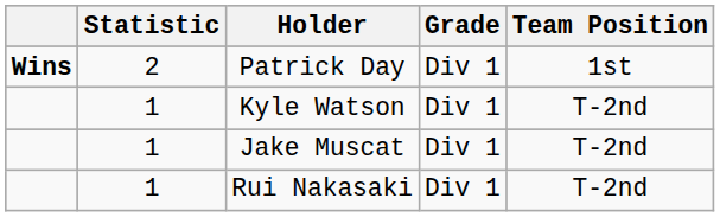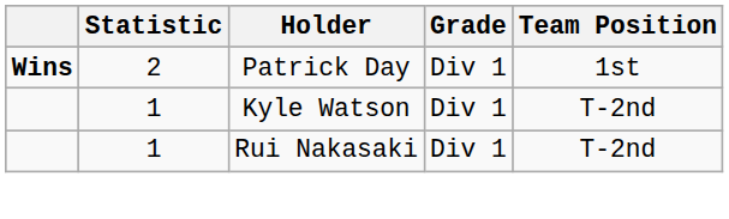 <table class="wikitable" style="text-align: center; mPERin: 0 auto;">
 <tr>
 <th></th>
 <th>Statistic</th>
 <th>Holder</th>
 <th>Grade</th>
 <th>Team Position</th>
 </tr>
 <tr>
 <td><strong>Wins</strong></td>
 <td>2</td>
 <td>Patrick Day</td>
 <td>Div 1</td>
 <td>1st</td>
 </tr>
 <tr>
 <td></td>
 <td>1</td>
 <td>Kyle Watson</td>
 <td>Div 1</td>
 <td>T-2nd</td>
 </tr>
 <tr>
 <td></td>
 <td>1</td>
-<td>Jake Muscat</td>
-<td>Div 1</td>
-<td>T-2nd</td>
-</tr>
-<tr>
-<td></td>
-<td>1</td>
 <td>Rui Nakasaki</td>
 <td>Div 1</td>
 <td>T-2nd</td>
 </tr>
 </table>
